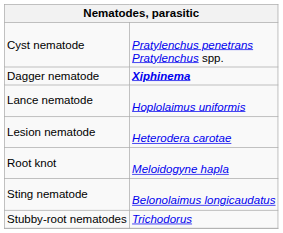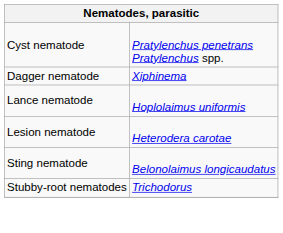 <table class="wikitable" style="clear">
 <tr>
 <th colspan=2><strong>Nematodes, parasitic</strong><br></th>
 </tr>
 <tr>
 <td>Cyst nematode</td>
 <td><br><em><a href='#'>Pratylenchus penetrans</a></em> <br> <em><a href='#'>Pratylenchus</a></em> spp.</td>
 </tr>
 <tr>
 <td>Dagger nematode</td>
-<td><strong><em><a href='#'>Xiphinema</a></em></strong></td>
+<td><em><a href='#'>Xiphinema</a></em></td>
 </tr>
 <tr>
 <td>Lance nematode</td>
 <td><br><em><a href='#'>Hoplolaimus uniformis</a></em></td>
 </tr>
 <tr>
 <td>Lesion nematode</td>
 <td><br><em><a href='#'>Heterodera carotae</a></em></td>
-</tr>
-<tr>
-<td>Root knot</td>
-<td><br><em><a href='#'>Meloidogyne hapla</a></em></td>
 </tr>
 <tr>
 <td>Sting nematode</td>
 <td><br><em><a href='#'>Belonolaimus longicaudatus</a></em></td>
 </tr>
 <tr>
 <td>Stubby-root nematodes</td>
 <td><em><a href='#'>Trichodorus</a></em></td>
 </tr>
 <tr>
 </tr>
 </table>
